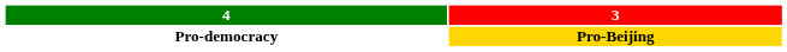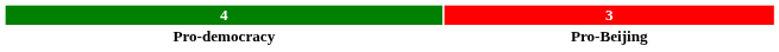 <table style="width:50%; text-align:center;">
 <tr style="color:white;">
 <td style="background:green; width:57%;"><strong>4</strong></td>
 <td style="background:red; width:43%;"><strong>3</strong></td>
 </tr>
 <tr>
 <td><span><strong>Pro-democracy</strong></span></td>
-<td style="background: gold;"><span><strong>Pro-Beijing</strong></span></td>
+<td><span><strong>Pro-Beijing</strong></span></td>
 </tr>
 </table>
